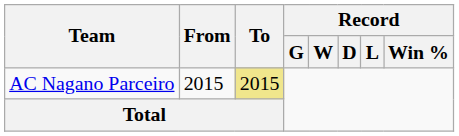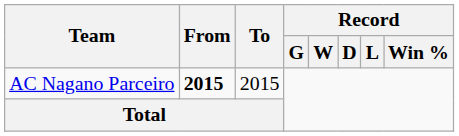 <table class="wikitable" style="text-align: center">
 <tr>
 <th rowspan="2">Team</th>
 <th rowspan="2">From</th>
 <th rowspan="2">To</th>
 <th colspan="5">Record</th>
 </tr>
 <tr>
 <th>G</th>
 <th>W</th>
 <th>D</th>
 <th>L</th>
 <th>Win %</th>
 </tr>
 <tr>
 <td align="left"><a href='#'>AC Nagano Parceiro</a></td>
-<td align="left">2015</td>
-<td align="left" style="background: khaki;">2015<br></td>
+<td align="left"><strong>2015</strong></td>
+<td align="left">2015<br></td>
 </tr>
 <tr>
 <th colspan="3">Total<br></th>
 </tr>
 </table>
